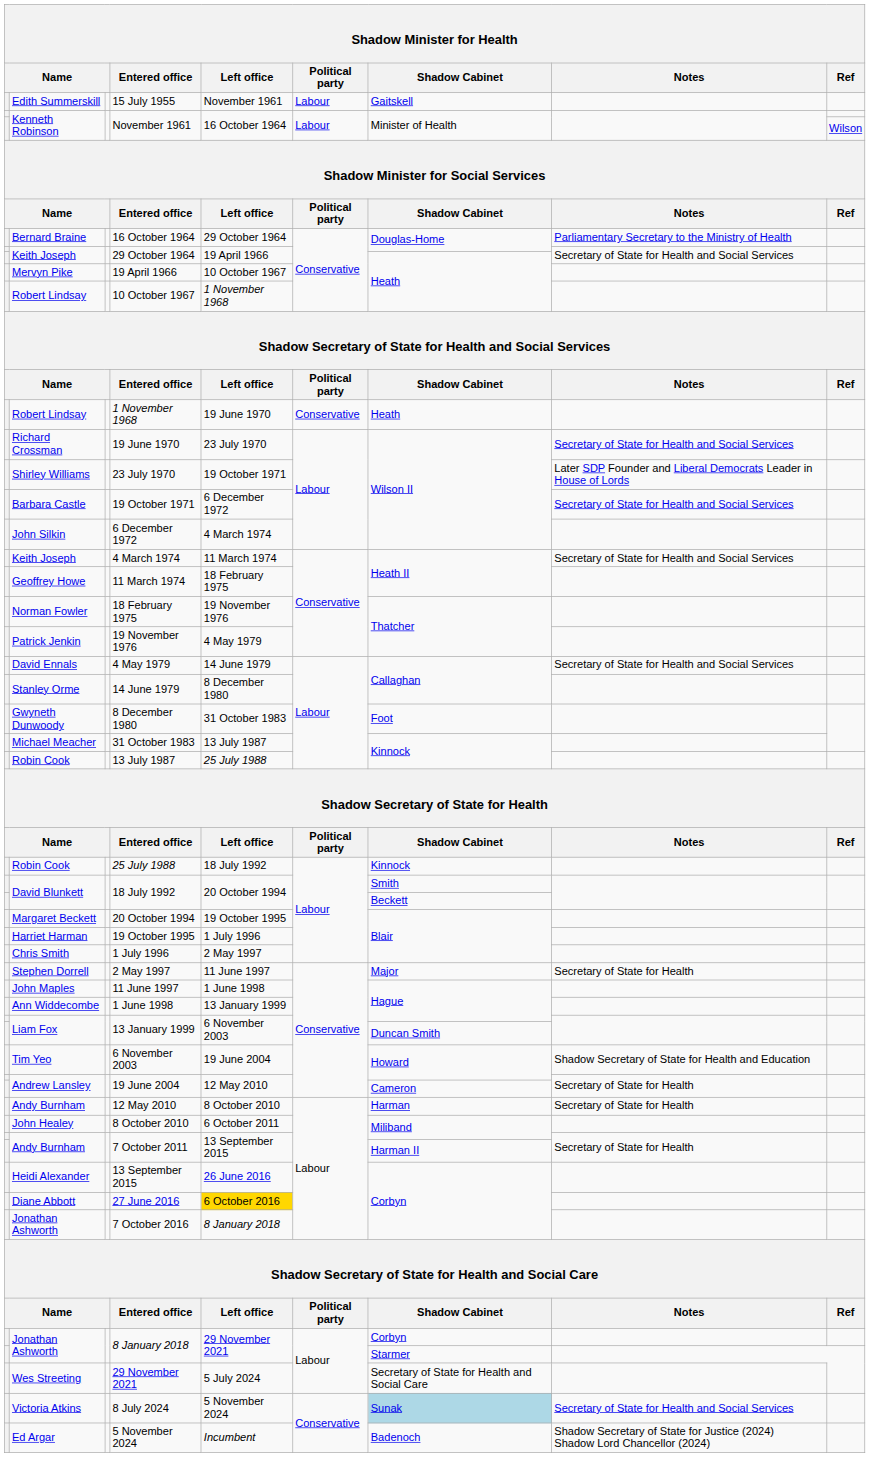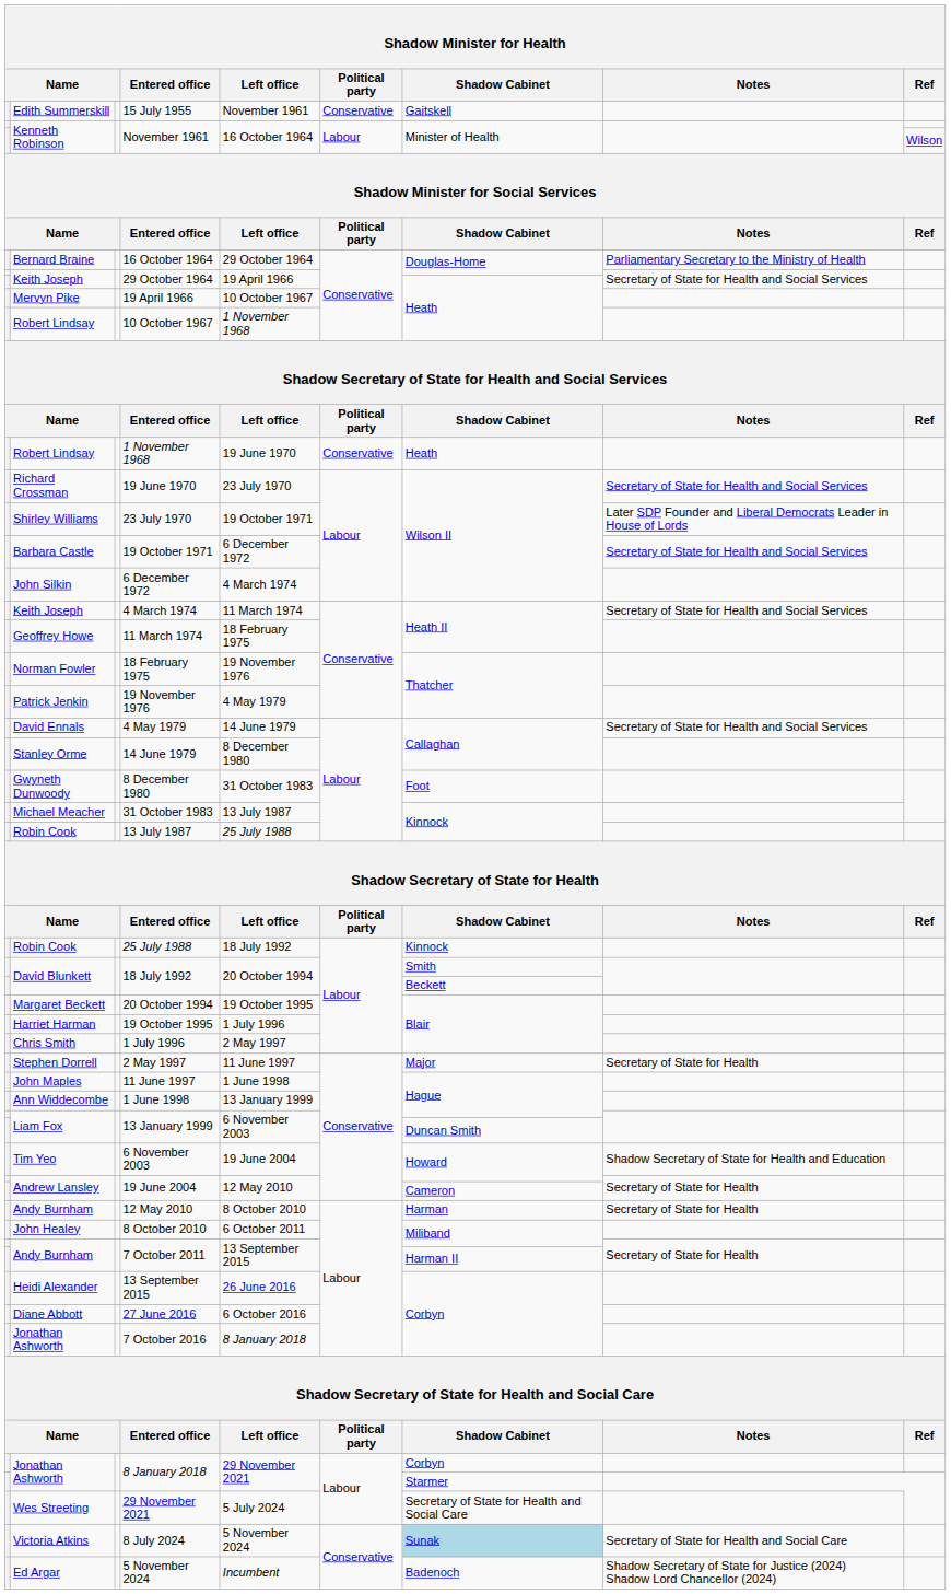 <table class="wikitable">
 <tr>
 <th colspan=9><br><h3>Shadow Minister for Health</h3></th>
 </tr>
 <tr>
 <th colspan=3>Name</th>
 <th>Entered office</th>
 <th>Left office</th>
 <th>Political party</th>
 <th>Shadow Cabinet</th>
 <th>Notes</th>
 <th>Ref</th>
 </tr>
 <tr>
 <th style="background-color: "></th>
 <td><a href='#'>Edith Summerskill</a></td>
 <td></td>
 <td>15 July 1955</td>
 <td>November 1961</td>
-<td><a href='#'>Labour</a></td>
+<td><a href='#'>Conservative</a></td>
 <td><a href='#'>Gaitskell</a></td>
 <td></td>
 <td></td>
 </tr>
 <tr>
 <th style="background-color: "></th>
 <td rowspan="2"><a href='#'>Kenneth Robinson</a></td>
 <td rowspan="2"></td>
 <td rowspan="2">November 1961</td>
 <td rowspan="2">16 October 1964</td>
 <td rowspan="2"><a href='#'>Labour</a></td>
 <td rowspan="2">Minister of Health </td>
 <td rowspan="2"></td>
 </tr>
 <tr>
 <th style="background-color: "></th>
 <td><a href='#'>Wilson</a></td>
 </tr>
 <tr>
 <th colspan=9><br><h3>Shadow Minister for Social Services</h3></th>
 </tr>
 <tr>
 <th colspan=3>Name</th>
 <th>Entered office</th>
 <th>Left office</th>
 <th>Political party</th>
 <th>Shadow Cabinet</th>
 <th>Notes</th>
 <th>Ref</th>
 </tr>
 <tr>
 <th style="background-color: "></th>
 <td><a href='#'>Bernard Braine</a></td>
 <td></td>
 <td>16 October 1964</td>
 <td>29 October 1964</td>
 <td rowspan="5"><a href='#'>Conservative</a></td>
 <td rowspan="2" ><a href='#'>Douglas-Home</a></td>
 <td><a href='#'>Parliamentary Secretary to the Ministry of Health</a> </td>
 <td></td>
 </tr>
 <tr>
 <th style="background-color: "></th>
 <td rowspan="2"><a href='#'>Keith Joseph</a></td>
 <td rowspan="2"></td>
 <td rowspan="2">29 October 1964</td>
 <td rowspan="2">19 April 1966</td>
 <td rowspan="2">Secretary of State for Health and Social Services </td>
 </tr>
 <tr>
 <th style="background-color: "></th>
 <td rowspan="3" ><a href='#'>Heath</a></td>
 </tr>
 <tr>
 <th style="background-color: "></th>
 <td><a href='#'>Mervyn Pike</a></td>
 <td></td>
 <td>19 April 1966</td>
 <td>10 October 1967</td>
 <td></td>
 <td></td>
 </tr>
 <tr>
 <th style="background-color: "></th>
 <td><a href='#'>Robert Lindsay</a></td>
 <td></td>
 <td>10 October 1967</td>
 <td><em>1 November 1968</em></td>
 <td></td>
 <td></td>
 </tr>
 <tr>
 <th colspan=9><br><h3>Shadow Secretary of State for Health and Social Services</h3></th>
 </tr>
 <tr>
 <th colspan=3>Name</th>
 <th>Entered office</th>
 <th>Left office</th>
 <th>Political party</th>
 <th>Shadow Cabinet</th>
 <th>Notes</th>
 <th>Ref</th>
 </tr>
 <tr>
 <th style="background-color: "></th>
 <td><a href='#'>Robert Lindsay</a></td>
 <td></td>
 <td><em>1 November 1968</em></td>
 <td>19 June 1970</td>
 <td><a href='#'>Conservative</a></td>
 <td><a href='#'>Heath</a></td>
 <td></td>
 <td></td>
 </tr>
 <tr>
 <th style="background-color: "></th>
 <td><a href='#'>Richard Crossman</a></td>
 <td></td>
 <td>19 June 1970</td>
 <td>23 July 1970</td>
 <td rowspan="4"><a href='#'>Labour</a></td>
 <td rowspan="4" ><a href='#'>Wilson II</a></td>
 <td><a href='#'>Secretary of State for Health and Social Services</a> </td>
 <td></td>
 </tr>
 <tr>
 <th style="background-color: "></th>
 <td><a href='#'>Shirley Williams</a></td>
 <td></td>
 <td>23 July 1970</td>
 <td>19 October 1971</td>
 <td>Later <a href='#'>SDP</a> Founder and <a href='#'>Liberal Democrats</a> Leader in <a href='#'>House of Lords</a></td>
 <td></td>
 </tr>
 <tr>
 <th style="background-color: "></th>
 <td><a href='#'>Barbara Castle</a></td>
 <td></td>
 <td>19 October 1971</td>
 <td>6 December 1972</td>
 <td><a href='#'>Secretary of State for Health and Social Services</a> </td>
 <td></td>
 </tr>
 <tr>
 <th style="background-color: "></th>
 <td><a href='#'>John Silkin</a></td>
 <td></td>
 <td>6 December 1972</td>
 <td>4 March 1974</td>
 <td></td>
 <td></td>
 </tr>
 <tr>
 <th style="background-color: "></th>
 <td><a href='#'>Keith Joseph</a></td>
 <td></td>
 <td>4 March 1974</td>
 <td>11 March 1974</td>
 <td rowspan="4"><a href='#'>Conservative</a></td>
 <td rowspan="2" ><a href='#'>Heath II</a></td>
 <td>Secretary of State for Health and Social Services </td>
 <td></td>
 </tr>
 <tr>
 <th style="background-color: "></th>
 <td><a href='#'>Geoffrey Howe</a></td>
 <td></td>
 <td>11 March 1974</td>
 <td>18 February 1975</td>
 <td></td>
 <td></td>
 </tr>
 <tr>
 <th style="background-color: "></th>
 <td><a href='#'>Norman Fowler</a></td>
 <td></td>
 <td>18 February 1975</td>
 <td>19 November 1976</td>
 <td rowspan="2" ><a href='#'>Thatcher</a></td>
 <td></td>
 <td></td>
 </tr>
 <tr>
 <th style="background-color: "></th>
 <td><a href='#'>Patrick Jenkin</a></td>
 <td></td>
 <td>19 November 1976</td>
 <td>4 May 1979</td>
 <td></td>
 <td></td>
 </tr>
 <tr>
 <th style="background-color: "></th>
 <td><a href='#'>David Ennals</a></td>
 <td></td>
 <td>4 May 1979</td>
 <td>14 June 1979</td>
 <td rowspan="5"><a href='#'>Labour</a></td>
 <td rowspan=2 ><a href='#'>Callaghan</a></td>
 <td>Secretary of State for Health and Social Services </td>
 <td></td>
 </tr>
 <tr>
 <th style="background-color: "></th>
 <td><a href='#'>Stanley Orme</a></td>
 <td></td>
 <td>14 June 1979</td>
 <td>8 December 1980</td>
 <td></td>
 <td></td>
 </tr>
 <tr>
 <th style="background-color: "></th>
 <td><a href='#'>Gwyneth Dunwoody</a></td>
 <td></td>
 <td>8 December 1980</td>
 <td>31 October 1983</td>
 <td><a href='#'>Foot</a></td>
 <td></td>
 </tr>
 <tr>
 <th style="background-color: "></th>
 <td><a href='#'>Michael Meacher</a></td>
 <td></td>
 <td>31 October 1983</td>
 <td>13 July 1987</td>
 <td rowspan=2 ><a href='#'>Kinnock</a></td>
 <td></td>
 </tr>
 <tr>
 <th style="background-color: "></th>
 <td><a href='#'>Robin Cook</a></td>
 <td></td>
 <td>13 July 1987</td>
 <td><em>25 July 1988</em></td>
 <td></td>
 <td></td>
 </tr>
 <tr>
 <th colspan=9><br><h3>Shadow Secretary of State for Health</h3></th>
 </tr>
 <tr>
 <th colspan=3>Name</th>
 <th>Entered office</th>
 <th>Left office</th>
 <th>Political party</th>
 <th>Shadow Cabinet</th>
 <th>Notes</th>
 <th>Ref</th>
 </tr>
 <tr>
 <th style="background-color: "></th>
 <td><a href='#'>Robin Cook</a></td>
 <td></td>
 <td><em>25 July 1988</em></td>
 <td>18 July 1992</td>
 <td rowspan="6"><a href='#'>Labour</a></td>
 <td><a href='#'>Kinnock</a></td>
 <td></td>
 <td></td>
 </tr>
 <tr>
 <th style="background-color: "></th>
 <td rowspan=2><a href='#'>David Blunkett</a></td>
 <td rowspan=2></td>
 <td rowspan=2>18 July 1992</td>
 <td rowspan=2>20 October 1994</td>
 <td><a href='#'>Smith</a></td>
 <td rowspan=2></td>
 <td rowspan=2></td>
 </tr>
 <tr>
 <th style="background-color: "></th>
 <td><a href='#'>Beckett</a></td>
 </tr>
 <tr>
 <th style="background-color: "></th>
 <td><a href='#'>Margaret Beckett</a></td>
 <td></td>
 <td>20 October 1994</td>
 <td>19 October 1995</td>
 <td rowspan=3 ><a href='#'>Blair</a></td>
 <td></td>
 <td></td>
 </tr>
 <tr>
 <th style="background-color: "></th>
 <td><a href='#'>Harriet Harman</a></td>
 <td></td>
 <td>19 October 1995</td>
 <td>1 July 1996</td>
 <td></td>
 <td></td>
 </tr>
 <tr>
 <th style="background-color: "></th>
 <td><a href='#'>Chris Smith</a></td>
 <td></td>
 <td>1 July 1996</td>
 <td>2 May 1997</td>
 <td></td>
 <td></td>
 </tr>
 <tr>
 <th style="background-color: "></th>
 <td><a href='#'>Stephen Dorrell</a></td>
 <td></td>
 <td>2 May 1997</td>
 <td>11 June 1997</td>
 <td rowspan="8"><a href='#'>Conservative</a></td>
 <td><a href='#'>Major</a></td>
 <td>Secretary of State for Health </td>
 <td></td>
 </tr>
 <tr>
 <th style="background-color: "></th>
 <td><a href='#'>John Maples</a></td>
 <td></td>
 <td>11 June 1997</td>
 <td>1 June 1998</td>
 <td rowspan=3 ><a href='#'>Hague</a></td>
 <td></td>
 <td></td>
 </tr>
 <tr>
 <th style="background-color: "></th>
 <td><a href='#'>Ann Widdecombe</a></td>
 <td></td>
 <td>1 June 1998</td>
 <td>13 January 1999</td>
 <td></td>
 <td></td>
 </tr>
 <tr>
 <th style="background-color: "></th>
 <td rowspan=2><a href='#'>Liam Fox</a></td>
 <td rowspan=2></td>
 <td rowspan=2>13 January 1999</td>
 <td rowspan=2>6 November 2003</td>
 <td rowspan=2></td>
 </tr>
 <tr>
 <th style="background-color: "></th>
 <td><a href='#'>Duncan Smith</a></td>
 </tr>
 <tr>
 <th style="background-color: "></th>
 <td><a href='#'>Tim Yeo</a></td>
 <td></td>
 <td>6 November 2003</td>
 <td>19 June 2004</td>
 <td rowspan=2 ><a href='#'>Howard</a></td>
 <td>Shadow Secretary of State for Health and Education</td>
 <td></td>
 </tr>
 <tr>
 <th style="background-color: "></th>
 <td rowspan=2><a href='#'>Andrew Lansley</a></td>
 <td rowspan=2></td>
 <td rowspan=2>19 June 2004</td>
 <td rowspan=2>12 May 2010</td>
 <td rowspan=2>Secretary of State for Health </td>
 <td rowspan=2></td>
 </tr>
 <tr>
 <th style="background-color: "></th>
 <td><a href='#'>Cameron</a></td>
 </tr>
 <tr>
 <th style="background-color: "></th>
 <td><a href='#'>Andy Burnham</a></td>
 <td></td>
 <td>12 May 2010</td>
 <td>8 October 2010</td>
 <td rowspan="7">Labour</td>
 <td><a href='#'>Harman</a></td>
 <td>Secretary of State for Health </td>
 <td></td>
 </tr>
 <tr>
 <th style="background-color: "></th>
 <td><a href='#'>John Healey</a></td>
 <td></td>
 <td>8 October 2010</td>
 <td>6 October 2011</td>
 <td rowspan="2" ><a href='#'>Miliband</a></td>
 <td></td>
 <td></td>
 </tr>
 <tr>
 <th style="background-color: "></th>
 <td rowspan="2"><a href='#'>Andy Burnham</a></td>
 <td rowspan="2"></td>
 <td rowspan="2">7 October 2011</td>
 <td rowspan="2">13 September 2015</td>
 <td rowspan="2">Secretary of State for Health </td>
 <td rowspan="2"></td>
 </tr>
 <tr>
 <th style="background-color: "></th>
 <td><a href='#'>Harman II</a></td>
 </tr>
 <tr>
 <th style="background-color: "></th>
 <td><a href='#'>Heidi Alexander</a></td>
 <td></td>
 <td>13 September 2015</td>
 <td><a href='#'>26 June 2016</a></td>
 <td rowspan="3" ><a href='#'>Corbyn</a></td>
 <td></td>
 </tr>
 <tr>
 <th style="background-color: "></th>
 <td><a href='#'>Diane Abbott</a></td>
 <td></td>
 <td><a href='#'>27 June 2016</a></td>
-<td style="background: gold;">6 October 2016</td>
+<td>6 October 2016</td>
 <td></td>
 <td></td>
 </tr>
 <tr>
 <th style="background-color: "></th>
 <td><a href='#'>Jonathan Ashworth</a></td>
 <td></td>
 <td>7 October 2016</td>
 <td><em>8 January 2018</em></td>
 <td></td>
 <td></td>
 </tr>
 <tr>
 <th colspan=9><br><h3>Shadow Secretary of State for Health and Social Care</h3></th>
 </tr>
 <tr>
 <th colspan=3>Name</th>
 <th>Entered office</th>
 <th>Left office</th>
 <th>Political party</th>
 <th>Shadow Cabinet</th>
 <th>Notes</th>
 <th>Ref</th>
 </tr>
 <tr>
 <th style="background-color: "></th>
 <td rowspan="2"><a href='#'>Jonathan Ashworth</a></td>
 <td rowspan="2"></td>
 <td rowspan="2"><em>8 January 2018</em></td>
 <td rowspan="2"><a href='#'>29 November 2021</a></td>
 <td rowspan="3">Labour</td>
 <td><a href='#'>Corbyn</a></td>
 <td></td>
 <td></td>
 </tr>
 <tr>
 <th style="background-color: "></th>
 <td><a href='#'>Starmer</a></td>
 </tr>
 <tr>
 <th style="background-color: "></th>
 <td><a href='#'>Wes Streeting</a></td>
 <td></td>
 <td><a href='#'>29 November 2021</a></td>
 <td>5 July 2024</td>
 <td>Secretary of State for Health and Social Care </td>
 <td></td>
 </tr>
 <tr>
 <th style="background-color: "></th>
 <td><a href='#'>Victoria Atkins</a></td>
 <td></td>
 <td>8 July 2024</td>
 <td>5 November 2024</td>
 <td rowspan="2"><a href='#'>Conservative</a></td>
 <td style="background: lightblue;"><a href='#'>Sunak</a></td>
-<td><a href='#'>Secretary of State for Health and Social Services</a> </td>
+<td>Secretary of State for Health and Social Care </td>
 <td></td>
 </tr>
 <tr>
 <th style="background-color: "></th>
 <td><a href='#'>Ed Argar</a></td>
 <td></td>
 <td>5 November 2024</td>
 <td><em>Incumbent</em></td>
 <td><a href='#'>Badenoch</a></td>
 <td>Shadow Secretary of State for Justice (2024)<br>Shadow Lord Chancellor (2024)</td>
 <td></td>
 </tr>
 </table>
